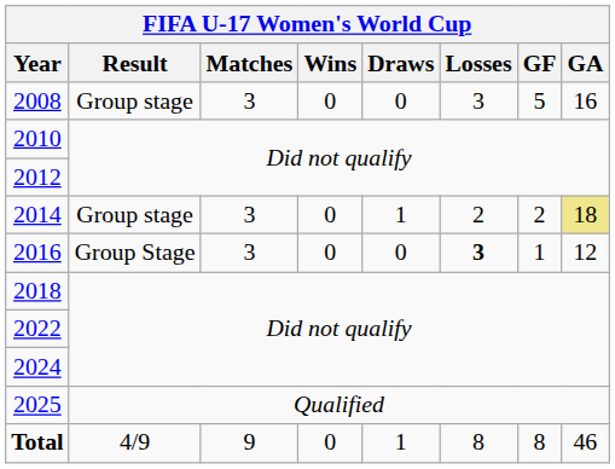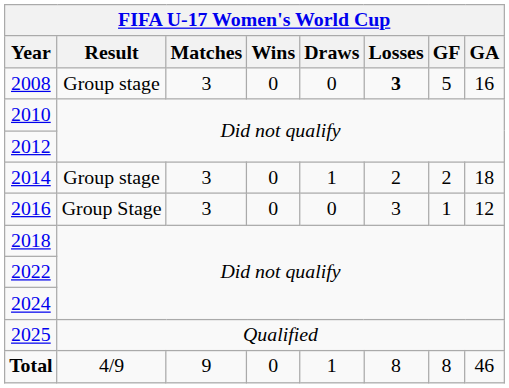 <table class="wikitable" style="text-align: center;">
 <tr>
 <th colspan=8><a href='#'>FIFA U-17 Women's World Cup</a></th>
 </tr>
 <tr>
 <th>Year</th>
 <th>Result</th>
 <th>Matches</th>
 <th>Wins</th>
 <th>Draws</th>
 <th>Losses</th>
 <th>GF</th>
 <th>GA</th>
 </tr>
 <tr>
 <td> <a href='#'>2008</a></td>
 <td>Group stage</td>
 <td>3</td>
 <td>0</td>
 <td>0</td>
-<td>3</td>
+<td><strong>3</strong></td>
 <td>5</td>
 <td>16</td>
 </tr>
 <tr>
 <td> <a href='#'>2010</a></td>
 <td rowspan=2 colspan=7><em>Did not qualify</em></td>
 </tr>
 <tr>
 <td> <a href='#'>2012</a></td>
 </tr>
 <tr>
 <td> <a href='#'>2014</a></td>
 <td>Group stage</td>
 <td>3</td>
 <td>0</td>
 <td>1</td>
 <td>2</td>
 <td>2</td>
-<td style="background: khaki;">18</td>
+<td>18</td>
 </tr>
 <tr>
 <td> <a href='#'>2016</a></td>
 <td>Group Stage</td>
 <td>3</td>
 <td>0</td>
 <td>0</td>
-<td><strong>3</strong></td>
+<td>3</td>
 <td>1</td>
 <td>12</td>
 </tr>
 <tr>
 <td> <a href='#'>2018</a></td>
 <td colspan=7 rowspan=3><em>Did not qualify</em></td>
 </tr>
 <tr>
 <td> <a href='#'>2022</a></td>
 </tr>
 <tr>
 <td> <a href='#'>2024</a></td>
 </tr>
 <tr>
 <td> <a href='#'>2025</a></td>
 <td colspan=7><em>Qualified</em></td>
 </tr>
 <tr>
 <td><strong>Total</strong></td>
 <td>4/9</td>
 <td>9</td>
 <td>0</td>
 <td>1</td>
 <td>8</td>
 <td>8</td>
 <td>46</td>
 </tr>
 </table>
